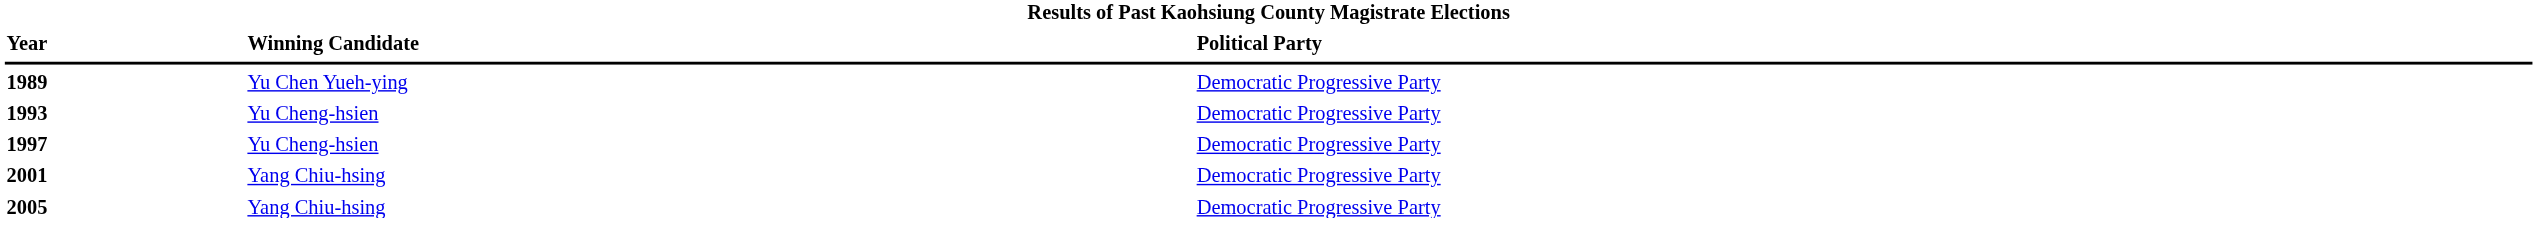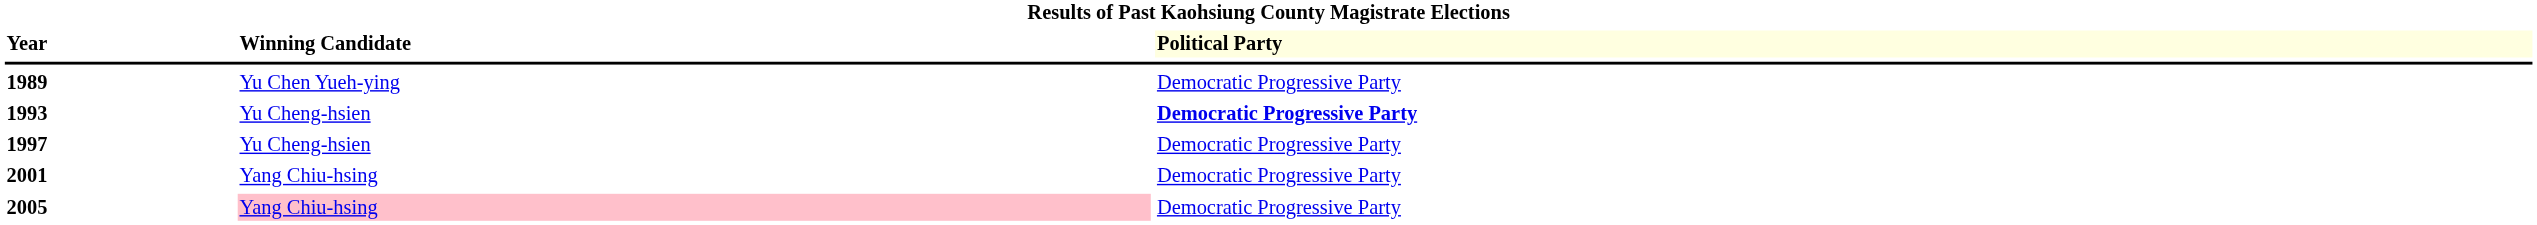 <table id="toc" style="margin:1em auto; width: 90%; font-size: 90%;" cellspacing="3">
 <tr>
 <td colspan="3" align="center"><strong>Results of Past Kaohsiung County Magistrate Elections</strong></td>
 </tr>
 <tr>
 <td><strong>Year</strong></td>
 <td><strong> Winning Candidate</strong></td>
-<td><strong>Political Party</strong></td>
+<td style="background: lightyellow;"><strong>Political Party</strong></td>
 </tr>
 <tr>
 <th bgcolor="#000000" colspan="6"></th>
 </tr>
 <tr>
 <td><strong>1989</strong></td>
 <td><a href='#'>Yu Chen Yueh-ying</a></td>
 <td><a href='#'>Democratic Progressive Party</a></td>
 </tr>
 <tr>
 <td><strong>1993</strong></td>
 <td><a href='#'>Yu Cheng-hsien</a></td>
-<td><a href='#'>Democratic Progressive Party</a></td>
+<td><strong><a href='#'>Democratic Progressive Party</a></strong></td>
 </tr>
 <tr>
 <td><strong>1997</strong></td>
 <td><a href='#'>Yu Cheng-hsien</a></td>
 <td><a href='#'>Democratic Progressive Party</a></td>
 </tr>
 <tr>
 <td><strong>2001</strong></td>
 <td><a href='#'>Yang Chiu-hsing</a></td>
 <td><a href='#'>Democratic Progressive Party</a></td>
 </tr>
 <tr>
 <td><strong>2005</strong></td>
-<td><a href='#'>Yang Chiu-hsing</a></td>
+<td style="background: pink;"><a href='#'>Yang Chiu-hsing</a></td>
 <td><a href='#'>Democratic Progressive Party</a></td>
 </tr>
 </table>
